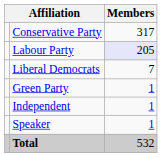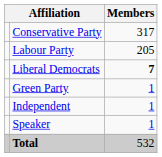 <table class="wikitable">
 <tr>
 <th colspan="2">Affiliation</th>
 <th>Members</th>
 </tr>
 <tr>
 <td></td>
 <td><a href='#'>Conservative Party</a></td>
 <td style="text-align:right;">317</td>
 </tr>
 <tr>
 <td></td>
 <td><a href='#'>Labour Party</a></td>
-<td style="background: lavender; text-align:right;">205</td>
+<td style="text-align:right;">205</td>
 </tr>
 <tr>
 <td></td>
 <td><a href='#'>Liberal Democrats</a></td>
-<td style="text-align:right;">7</td>
+<td style="text-align:right;"><strong>7</strong></td>
 </tr>
 <tr>
 <td></td>
 <td><a href='#'>Green Party</a></td>
 <td style="text-align:right;"><a href='#'>1</a></td>
 </tr>
 <tr>
 <td></td>
 <td><a href='#'>Independent</a></td>
 <td style="text-align:right;"><a href='#'>1</a></td>
 </tr>
 <tr>
 <td></td>
 <td><a href='#'>Speaker</a></td>
 <td style="text-align:right;"><a href='#'>1</a></td>
 </tr>
 <tr style="background:#ccc;">
 <td></td>
 <td><strong>Total</strong></td>
 <td style="text-align:right;">532</td>
 </tr>
 </table>
